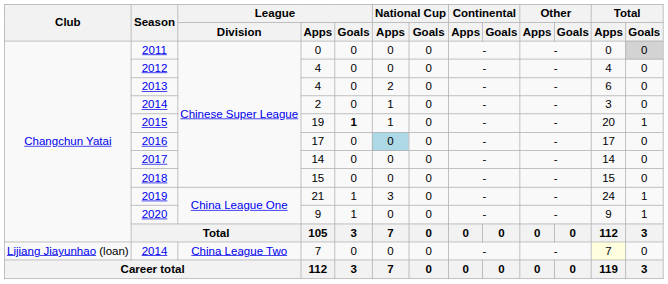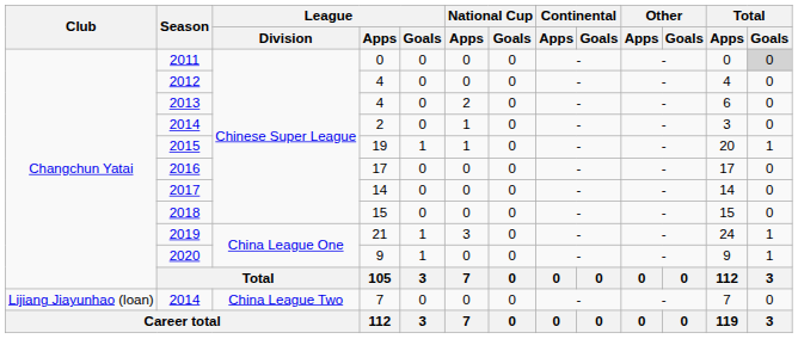 <table class="wikitable" style="text-align: center">
 <tr>
 <th rowspan="2">Club</th>
 <th rowspan="2">Season</th>
 <th colspan="3">League</th>
 <th colspan="2">National Cup</th>
 <th colspan="2">Continental</th>
 <th colspan="2">Other</th>
 <th colspan="2">Total</th>
 </tr>
 <tr>
 <th>Division</th>
 <th>Apps</th>
 <th>Goals</th>
 <th>Apps</th>
 <th>Goals</th>
 <th>Apps</th>
 <th>Goals</th>
 <th>Apps</th>
 <th>Goals</th>
 <th>Apps</th>
 <th>Goals</th>
 </tr>
 <tr>
 <td rowspan=11><a href='#'>Changchun Yatai</a></td>
 <td><a href='#'>2011</a></td>
 <td rowspan=8><a href='#'>Chinese Super League</a></td>
 <td>0</td>
 <td>0</td>
 <td>0</td>
 <td>0</td>
 <td colspan="2">-</td>
 <td colspan="2">-</td>
 <td>0</td>
 <td style="background: lightgrey;">0</td>
 </tr>
 <tr>
 <td><a href='#'>2012</a></td>
 <td>4</td>
 <td>0</td>
 <td>0</td>
 <td>0</td>
 <td colspan="2">-</td>
 <td colspan="2">-</td>
 <td>4</td>
 <td>0</td>
 </tr>
 <tr>
 <td><a href='#'>2013</a></td>
 <td>4</td>
 <td>0</td>
 <td>2</td>
 <td>0</td>
 <td colspan="2">-</td>
 <td colspan="2">-</td>
 <td>6</td>
 <td>0</td>
 </tr>
 <tr>
 <td><a href='#'>2014</a></td>
 <td>2</td>
 <td>0</td>
 <td>1</td>
 <td>0</td>
 <td colspan="2">-</td>
 <td colspan="2">-</td>
 <td>3</td>
 <td>0</td>
 </tr>
 <tr>
 <td><a href='#'>2015</a></td>
 <td>19</td>
-<td><strong>1</strong></td>
+<td>1</td>
 <td>1</td>
 <td>0</td>
 <td colspan="2">-</td>
 <td colspan="2">-</td>
 <td>20</td>
 <td>1</td>
 </tr>
 <tr>
 <td><a href='#'>2016</a></td>
 <td>17</td>
 <td>0</td>
-<td style="background: lightblue;">0</td>
+<td>0</td>
 <td>0</td>
 <td colspan="2">-</td>
 <td colspan="2">-</td>
 <td>17</td>
 <td>0</td>
 </tr>
 <tr>
 <td><a href='#'>2017</a></td>
 <td>14</td>
 <td>0</td>
 <td>0</td>
 <td>0</td>
 <td colspan="2">-</td>
 <td colspan="2">-</td>
 <td>14</td>
 <td>0</td>
 </tr>
 <tr>
 <td><a href='#'>2018</a></td>
 <td>15</td>
 <td>0</td>
 <td>0</td>
 <td>0</td>
 <td colspan="2">-</td>
 <td colspan="2">-</td>
 <td>15</td>
 <td>0</td>
 </tr>
 <tr>
 <td><a href='#'>2019</a></td>
 <td rowspan=2><a href='#'>China League One</a></td>
 <td>21</td>
 <td>1</td>
 <td>3</td>
 <td>0</td>
 <td colspan="2">-</td>
 <td colspan="2">-</td>
 <td>24</td>
 <td>1</td>
 </tr>
 <tr>
 <td><a href='#'>2020</a></td>
 <td>9</td>
 <td>1</td>
 <td>0</td>
 <td>0</td>
 <td colspan="2">-</td>
 <td colspan="2">-</td>
 <td>9</td>
 <td>1</td>
 </tr>
 <tr>
 <th colspan="2">Total</th>
 <th>105</th>
 <th>3</th>
 <th>7</th>
 <th>0</th>
 <th>0</th>
 <th>0</th>
 <th>0</th>
 <th>0</th>
 <th>112</th>
 <th>3</th>
 </tr>
 <tr>
 <td><a href='#'>Lijiang Jiayunhao</a> (loan)</td>
 <td><a href='#'>2014</a></td>
 <td><a href='#'>China League Two</a></td>
 <td>7</td>
 <td>0</td>
 <td>0</td>
 <td>0</td>
 <td colspan="2">-</td>
 <td colspan="2">-</td>
-<td style="background: lightyellow;">7</td>
+<td>7</td>
 <td>0</td>
 </tr>
 <tr>
 <th colspan=3>Career total</th>
 <th>112</th>
 <th>3</th>
 <th>7</th>
 <th>0</th>
 <th>0</th>
 <th>0</th>
 <th>0</th>
 <th>0</th>
 <th>119</th>
 <th>3</th>
 </tr>
 </table>
